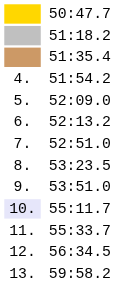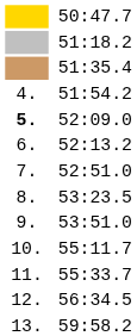 <table style="text-align:center">
 <tr>
 <td width=30 style="background:gold;"></td>
 <td align=left></td>
 <td>50:47.7</td>
 </tr>
 <tr>
 <td style="background:silver;"></td>
 <td align=left></td>
 <td>51:18.2</td>
 </tr>
 <tr>
 <td style="background:#cc9966;"></td>
 <td align=left></td>
 <td>51:35.4</td>
 </tr>
 <tr>
 <td>4.</td>
 <td align=left></td>
 <td>51:54.2</td>
 </tr>
 <tr>
-<td>5.</td>
+<td><strong>5.</strong></td>
 <td align=left></td>
 <td>52:09.0</td>
 </tr>
 <tr>
 <td>6.</td>
 <td align=left></td>
 <td>52:13.2</td>
 </tr>
 <tr>
 <td>7.</td>
 <td align=left></td>
 <td>52:51.0</td>
 </tr>
 <tr>
 <td>8.</td>
 <td align=left></td>
 <td>53:23.5</td>
 </tr>
 <tr>
 <td>9.</td>
 <td align=left></td>
 <td>53:51.0</td>
 </tr>
 <tr>
-<td style="background: lavender;">10.</td>
+<td>10.</td>
 <td align=left></td>
 <td>55:11.7</td>
 </tr>
 <tr>
 <td>11.</td>
 <td align=left></td>
 <td>55:33.7</td>
 </tr>
 <tr>
 <td>12.</td>
 <td align=left></td>
 <td>56:34.5</td>
 </tr>
 <tr>
 <td>13.</td>
 <td align=left></td>
 <td>59:58.2</td>
 </tr>
 </table>
